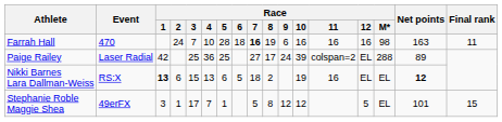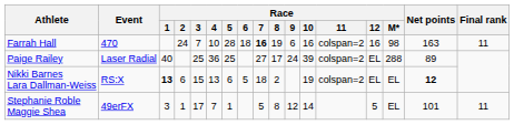 <table class=wikitable style=font-size:90%;text-align:center>
 <tr>
 <th rowspan=2>Athlete</th>
 <th rowspan=2>Event</th>
 <th colspan=13>Race</th>
 <th rowspan=2>Net points</th>
 <th rowspan=2>Final rank</th>
 </tr>
 <tr style=font-size:95%>
 <th>1</th>
 <th>2</th>
 <th>3</th>
 <th>4</th>
 <th>5</th>
 <th>6</th>
 <th>7</th>
 <th>8</th>
 <th>9</th>
 <th>10</th>
 <th>11</th>
 <th>12</th>
 <th>M*</th>
 </tr>
 <tr>
 <td align=left><a href='#'>Farrah Hall</a></td>
 <td align=left><a href='#'>470</a></td>
 <td></td>
 <td>24</td>
 <td>7</td>
 <td>10</td>
 <td>28</td>
 <td>18</td>
 <td><strong>16</strong></td>
 <td>19</td>
 <td>6</td>
 <td>16</td>
-<td>16</td>
+<td>colspan=2 </td>
 <td>16</td>
 <td>98</td>
 <td>163</td>
 <td>11</td>
 </tr>
 <tr>
 <td align=left><a href='#'>Paige Railey</a></td>
 <td align=left><a href='#'>Laser Radial</a></td>
-<td>42</td>
+<td>40</td>
 <td></td>
 <td>25</td>
 <td>36</td>
 <td>25</td>
 <td></td>
 <td>27</td>
 <td>17</td>
 <td>24</td>
 <td>39</td>
 <td>colspan=2 </td>
 <td>EL</td>
 <td>288</td>
 <td>89</td>
 </tr>
 <tr>
 <td align=left><a href='#'>Nikki Barnes</a><br><a href='#'>Lara Dallman-Weiss</a></td>
 <td align=left><a href='#'>RS:X</a></td>
 <td><strong>13</strong></td>
 <td>6</td>
 <td>15</td>
 <td>13</td>
 <td>6</td>
 <td>5</td>
 <td>18</td>
 <td>2</td>
 <td></td>
 <td>19</td>
-<td>16</td>
+<td>colspan=2 </td>
 <td>EL</td>
 <td>EL</td>
 <td><strong>12</strong></td>
 </tr>
 <tr>
 <td align=left><a href='#'>Stephanie Roble</a><br><a href='#'>Maggie Shea</a></td>
 <td align=left><a href='#'>49erFX</a></td>
 <td>3</td>
 <td>1</td>
 <td>17</td>
 <td>7</td>
 <td>1</td>
 <td></td>
 <td>5</td>
 <td>8</td>
 <td>12</td>
-<td>12</td>
+<td>14</td>
 <td></td>
 <td>5</td>
 <td>EL</td>
 <td>101</td>
-<td>15</td>
+<td>11</td>
 </tr>
 </table>
